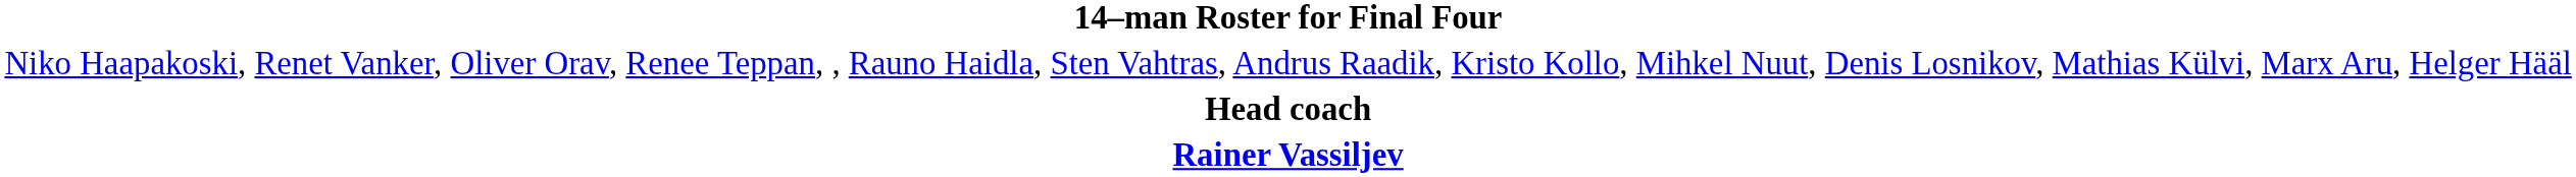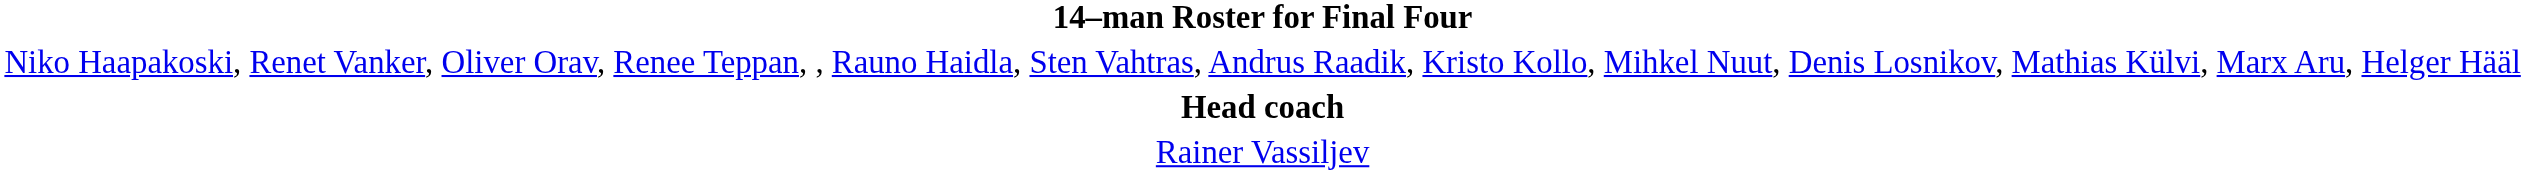 <table style="text-align: center; margin-top: 2em; margin-left: auto; margin-right: auto">
 <tr>
 <td><strong>14–man Roster for Final Four</strong></td>
 </tr>
 <tr>
 <td><a href='#'>Niko Haapakoski</a>, <a href='#'>Renet Vanker</a>, <a href='#'>Oliver Orav</a>, <a href='#'>Renee Teppan</a>,  , <a href='#'>Rauno Haidla</a>, <a href='#'>Sten Vahtras</a>, <a href='#'>Andrus Raadik</a>, <a href='#'>Kristo Kollo</a>, <a href='#'>Mihkel Nuut</a>, <a href='#'>Denis Losnikov</a>, <a href='#'>Mathias Külvi</a>, <a href='#'>Marx Aru</a>, <a href='#'>Helger Hääl</a></td>
 </tr>
 <tr>
 <td><strong>Head coach</strong></td>
 </tr>
 <tr>
-<td><strong><a href='#'>Rainer Vassiljev</a></strong></td>
+<td><a href='#'>Rainer Vassiljev</a></td>
 </tr>
 </table>
